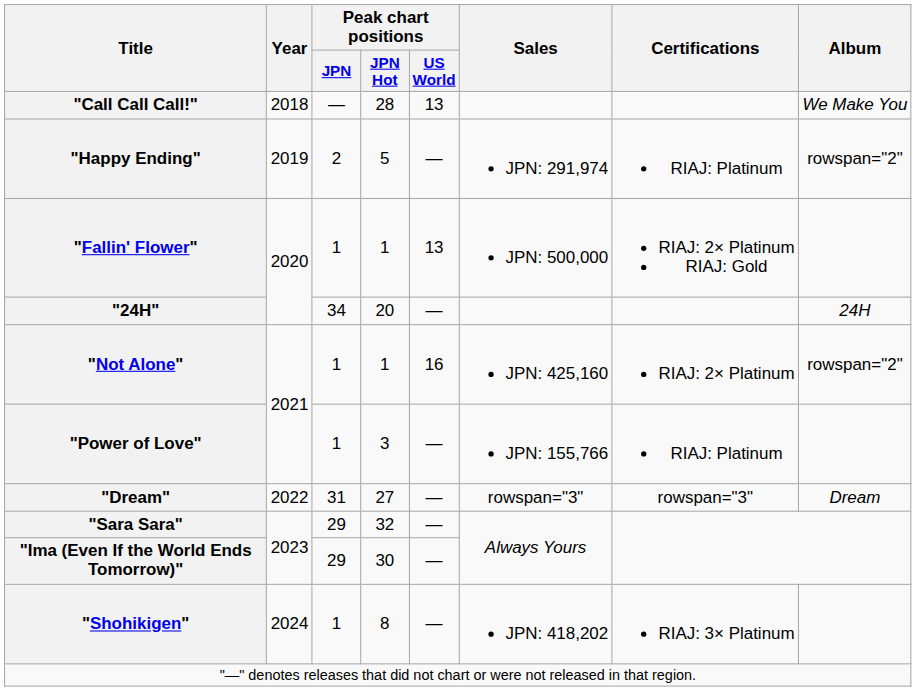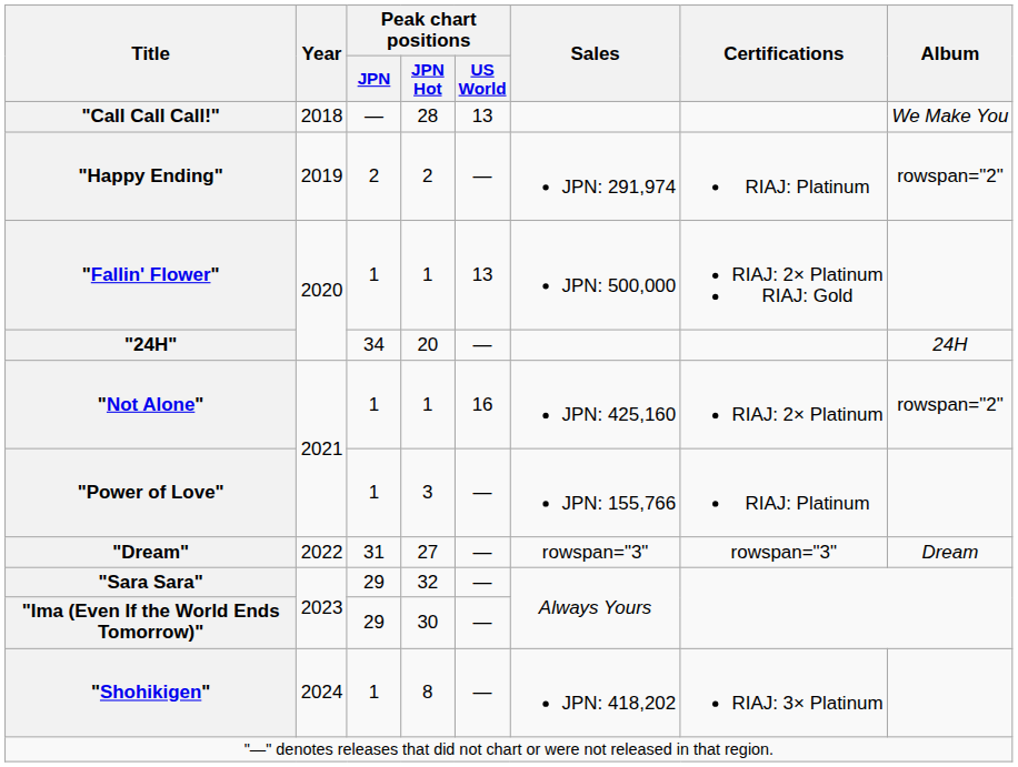 <table class="wikitable plainrowheaders" style="text-align:center">
 <tr>
 <th scope="col" rowspan="2" style="width:15em">Title</th>
 <th scope="col" rowspan="2">Year</th>
 <th scope="col" colspan="3">Peak chart positions</th>
 <th scope="col" rowspan="2">Sales<br></th>
 <th scope="col" rowspan="2">Certifications</th>
 <th scope="col" rowspan="2">Album</th>
 </tr>
 <tr>
 <th scope="col" style="width:2.7em;font-size:90%;"><a href='#'>JPN</a><br></th>
 <th scope="col" style="width:2.7em;font-size:90%;"><a href='#'>JPN<br>Hot</a><br></th>
 <th scope="col" style="width:2.7em;font-size:90%;"><a href='#'>US<br>World</a><br></th>
 </tr>
 <tr>
 <th scope="row">"Call Call Call!"</th>
 <td>2018</td>
 <td>—</td>
 <td>28</td>
 <td>13</td>
 <td></td>
 <td></td>
 <td><em>We Make You</em></td>
 </tr>
 <tr>
 <th scope="row">"Happy Ending"</th>
 <td>2019</td>
 <td>2</td>
-<td>5</td>
+<td>2</td>
 <td>—</td>
 <td><br><ul><li>JPN: 291,974 </li></ul></td>
 <td><br><ul><li>RIAJ: Platinum </li></ul></td>
 <td>rowspan="2" </td>
 </tr>
 <tr>
 <th scope="row">"<a href='#'>Fallin' Flower</a>" </th>
 <td rowspan="2">2020</td>
 <td>1</td>
 <td>1</td>
 <td>13</td>
 <td><br><ul><li>JPN: 500,000 </li></ul></td>
 <td><br><ul><li>RIAJ: 2× Platinum </li><li>RIAJ: Gold </li></ul></td>
 </tr>
 <tr>
 <th scope="row">"24H"</th>
 <td>34</td>
 <td>20</td>
 <td>—</td>
 <td></td>
 <td></td>
 <td><em>24H</em></td>
 </tr>
 <tr>
 <th scope="row">"<a href='#'>Not Alone</a>" </th>
 <td rowspan="2">2021</td>
 <td>1</td>
 <td>1</td>
 <td>16</td>
 <td><br><ul><li>JPN: 425,160 </li></ul></td>
 <td><br><ul><li>RIAJ: 2× Platinum </li></ul></td>
 <td>rowspan="2" </td>
 </tr>
 <tr>
 <th scope="row">"Power of Love" </th>
 <td>1</td>
 <td>3</td>
 <td>—</td>
 <td><br><ul><li>JPN: 155,766 </li></ul></td>
 <td><br><ul><li>RIAJ: Platinum </li></ul></td>
 </tr>
 <tr>
 <th scope="row">"Dream"</th>
 <td>2022</td>
 <td>31</td>
 <td>27</td>
 <td>—</td>
 <td>rowspan="3" </td>
 <td>rowspan="3" </td>
 <td><em>Dream</em></td>
 </tr>
 <tr>
 <th scope="row">"Sara Sara"</th>
 <td rowspan="2">2023</td>
 <td>29</td>
 <td>32</td>
 <td>—</td>
 <td rowspan="2"><em>Always Yours</em></td>
 </tr>
 <tr>
 <th scope="row">"Ima (Even If the World Ends Tomorrow)" </th>
 <td>29</td>
 <td>30</td>
 <td>—</td>
 </tr>
 <tr>
 <th scope="row">"<a href='#'>Shohikigen</a>" </th>
 <td>2024</td>
 <td>1</td>
 <td>8</td>
 <td>—</td>
 <td><br><ul><li>JPN: 418,202 </li></ul></td>
 <td><br><ul><li>RIAJ: 3× Platinum </li></ul></td>
 <td></td>
 </tr>
 <tr>
 <td colspan="8" style="font-size:85%;">"—" denotes releases that did not chart or were not released in that region.</td>
 </tr>
 </table>
